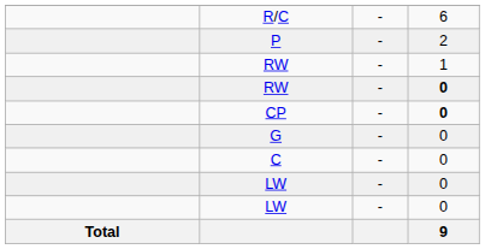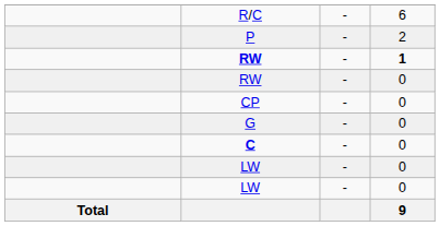 <table class="wikitable sortable" width ="40%">
 <tr align="center">
 </tr>
 <tr align="center" bgcolor="">
 <td></td>
 <td><a href='#'>R</a>/<a href='#'>C</a></td>
 <td>-</td>
 <td>6</td>
 </tr>
 <tr align="center" bgcolor="f0f0f0">
 <td></td>
 <td><a href='#'>P</a></td>
 <td>-</td>
 <td>2</td>
 </tr>
 <tr align="center" bgcolor="">
 <td></td>
-<td><a href='#'>RW</a></td>
+<td><strong><a href='#'>RW</a></strong></td>
 <td>-</td>
-<td>1</td>
+<td><strong>1</strong></td>
 </tr>
 <tr align="center" bgcolor="f0f0f0">
 <td></td>
 <td><a href='#'>RW</a></td>
 <td>-</td>
-<td><strong>0</strong></td>
+<td>0</td>
 </tr>
 <tr align="center" bgcolor="">
 <td></td>
 <td><a href='#'>CP</a></td>
 <td>-</td>
-<td><strong>0</strong></td>
+<td>0</td>
 </tr>
 <tr align="center" bgcolor="f0f0f0">
 <td></td>
 <td><a href='#'>G</a></td>
 <td>-</td>
 <td>0</td>
 </tr>
 <tr align="center" bgcolor="">
 <td></td>
-<td><a href='#'>C</a></td>
+<td><strong><a href='#'>C</a></strong></td>
 <td>-</td>
 <td>0</td>
 </tr>
 <tr align="center" bgcolor="f0f0f0">
 <td></td>
 <td><a href='#'>LW</a></td>
 <td>-</td>
 <td>0</td>
 </tr>
 <tr align="center" bgcolor="">
 <td></td>
 <td><a href='#'>LW</a></td>
 <td>-</td>
 <td>0</td>
 </tr>
 <tr>
 <th>Total</th>
 <th></th>
 <th></th>
 <th>9</th>
 </tr>
 </table>
